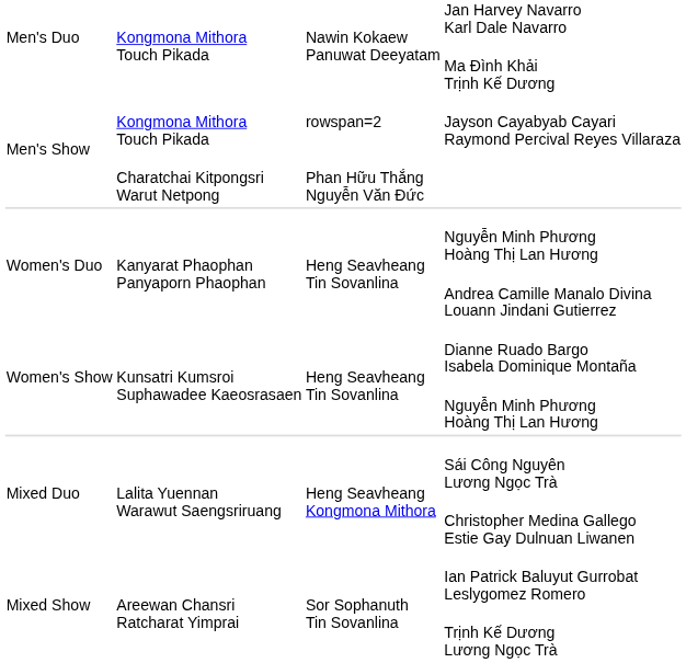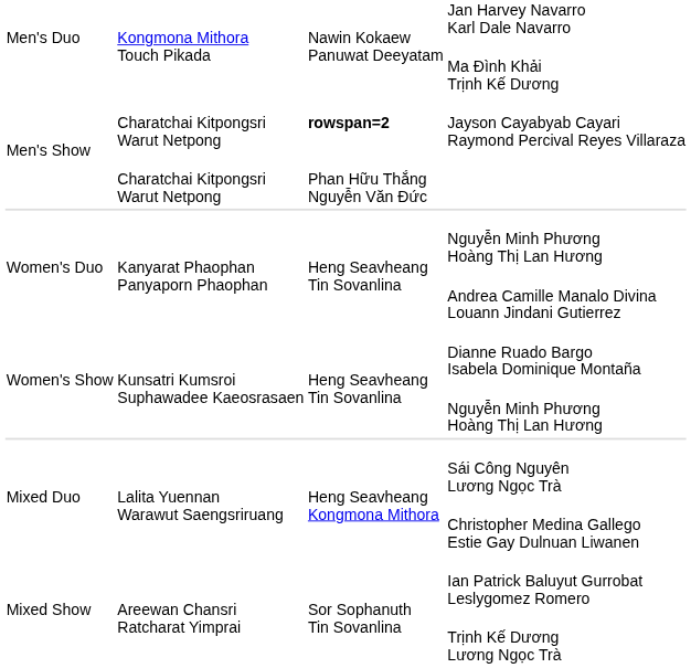 <table>
 <tr>
 <td rowspan=2>Men's Duo</td>
 <td rowspan=2><br><a href='#'>Kongmona Mithora</a><br>Touch Pikada</td>
 <td rowspan=2 nowrap><br>Nawin Kokaew<br>Panuwat Deeyatam</td>
 <td><br>Jan Harvey Navarro<br>Karl Dale Navarro</td>
 </tr>
 <tr>
 <td><br>Ma Đình Khải<br>Trịnh Kế Dương</td>
 </tr>
 <tr>
 <td rowspan=2>Men's Show</td>
-<td><br><a href='#'>Kongmona Mithora</a><br>Touch Pikada</td>
-<td>rowspan=2 </td>
+<td><br>Charatchai Kitpongsri<br>Warut Netpong</td>
+<td><strong>rowspan=2 </strong></td>
 <td nowrap><br>Jayson Cayabyab Cayari<br>Raymond Percival Reyes Villaraza</td>
 </tr>
 <tr>
 <td><br>Charatchai Kitpongsri<br>Warut Netpong</td>
 <td><br>Phan Hữu Thắng<br>Nguyễn Văn Đức</td>
 </tr>
 <tr bgcolor=#dddddd>
 <td colspan=4></td>
 </tr>
 <tr>
 <td rowspan=2>Women's Duo</td>
 <td rowspan=2><br>Kanyarat Phaophan<br>Panyaporn Phaophan</td>
 <td rowspan=2><br>Heng Seavheang<br>Tin Sovanlina</td>
 <td><br>Nguyễn Minh Phương<br>Hoàng Thị Lan Hương</td>
 </tr>
 <tr>
 <td><br>Andrea Camille Manalo Divina<br>Louann Jindani Gutierrez</td>
 </tr>
 <tr>
 <td rowspan=2>Women's Show</td>
 <td rowspan=2 nowrap><br>Kunsatri Kumsroi<br>Suphawadee Kaeosrasaen</td>
 <td rowspan=2><br>Heng Seavheang<br>Tin Sovanlina</td>
 <td><br>Dianne Ruado Bargo<br>Isabela Dominique Montaña</td>
 </tr>
 <tr>
 <td><br>Nguyễn Minh Phương<br>Hoàng Thị Lan Hương</td>
 </tr>
 <tr bgcolor=#dddddd>
 <td colspan=4></td>
 </tr>
 <tr>
 <td rowspan=2>Mixed Duo</td>
 <td rowspan=2><br>Lalita Yuennan<br>Warawut Saengsriruang</td>
 <td rowspan=2><br>Heng Seavheang<br><a href='#'>Kongmona Mithora</a></td>
 <td><br>Sái Công Nguyên<br>Lương Ngọc Trà</td>
 </tr>
 <tr>
 <td><br>Christopher Medina Gallego<br>Estie Gay Dulnuan Liwanen</td>
 </tr>
 <tr>
 <td rowspan=2>Mixed Show</td>
 <td rowspan=2><br>Areewan Chansri<br>Ratcharat Yimprai</td>
 <td rowspan=2><br>Sor Sophanuth<br>Tin Sovanlina</td>
 <td><br>Ian Patrick Baluyut Gurrobat<br>Leslygomez Romero</td>
 </tr>
 <tr>
 <td><br>Trịnh Kế Dương<br>Lương Ngọc Trà</td>
 </tr>
 </table>
